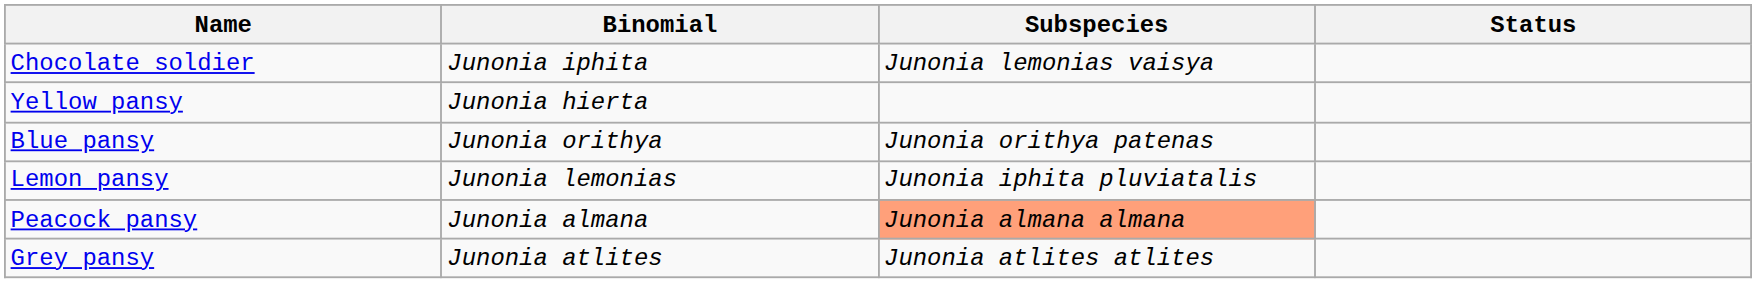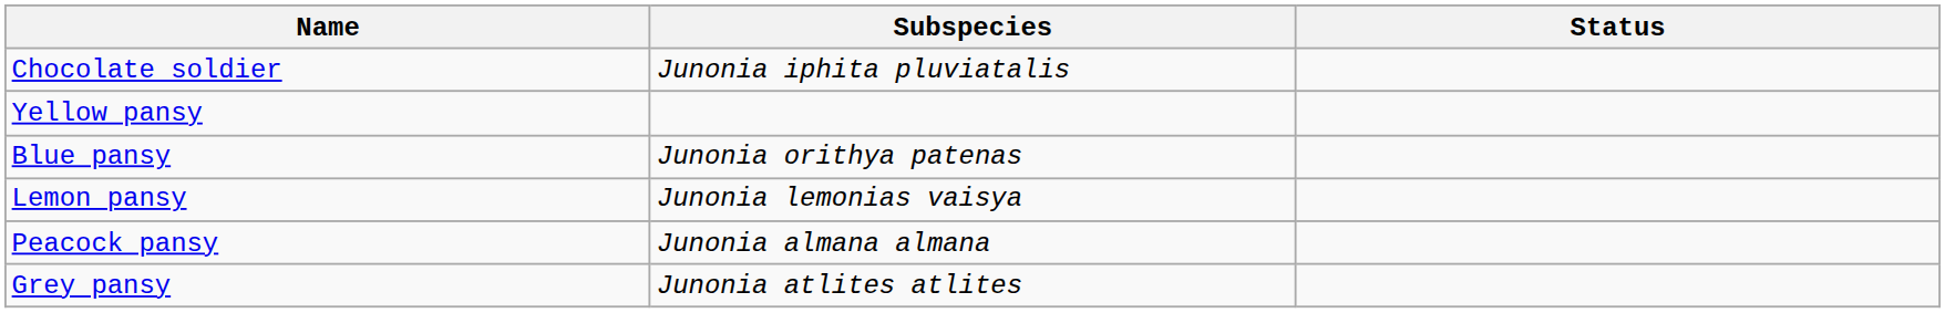 <table width=60% class="wikitable">
 <tr>
 <th width=20%>Name</th>
-<th width=20%>Binomial</th>
 <th width=20%>Subspecies</th>
 <th width=20%>Status</th>
 </tr>
 <tr>
 <td><a href='#'>Chocolate soldier</a><br> </td>
-<td><em>Junonia iphita</em></td>
-<td><em>Junonia lemonias vaisya</em></td>
+<td><em>Junonia iphita pluviatalis</em></td>
 <td></td>
 </tr>
 <tr>
 <td><a href='#'>Yellow pansy</a><br>  </td>
-<td><em>Junonia hierta</em></td>
 <td></td>
 <td></td>
 </tr>
 <tr>
 <td><a href='#'>Blue pansy</a><br>  </td>
-<td><em>Junonia orithya</em></td>
 <td><em>Junonia orithya patenas</em></td>
 <td></td>
 </tr>
 <tr>
 <td><a href='#'>Lemon pansy</a><br>   </td>
-<td><em>Junonia lemonias</em></td>
-<td><em>Junonia iphita pluviatalis</em></td>
+<td><em>Junonia lemonias vaisya</em></td>
 <td></td>
 </tr>
 <tr>
 <td><a href='#'>Peacock pansy</a><br>  </td>
-<td><em>Junonia almana</em></td>
-<td style="background: lightsalmon;"><em>Junonia almana almana</em></td>
+<td><em>Junonia almana almana</em></td>
 <td></td>
 </tr>
 <tr>
 <td><a href='#'>Grey pansy</a><br> </td>
-<td><em>Junonia atlites</em></td>
 <td><em>Junonia atlites atlites</em></td>
 <td></td>
 </tr>
 </table>
